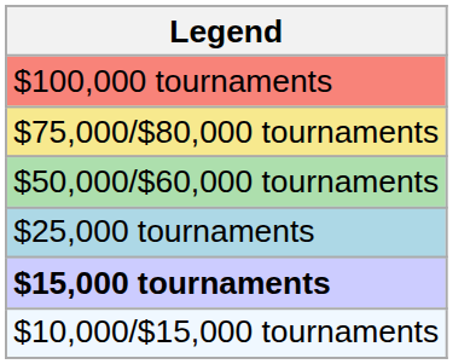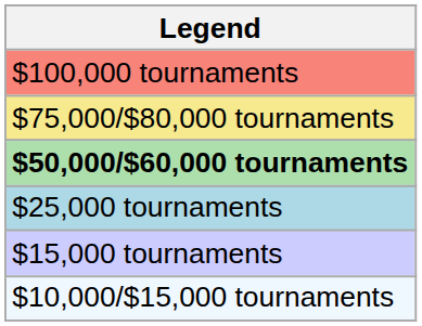 <table class=wikitable style="font-size:85%">
 <tr>
 <th>Legend</th>
 </tr>
 <tr style="background:#f88379;">
 <td>$100,000 tournaments</td>
 </tr>
 <tr style="background:#f7e98e;">
 <td>$75,000/$80,000 tournaments</td>
 </tr>
 <tr style="background:#addfad;">
-<td>$50,000/$60,000 tournaments</td>
+<td><strong>$50,000/$60,000 tournaments</strong></td>
 </tr>
 <tr style="background:lightblue;">
 <td>$25,000 tournaments</td>
 </tr>
 <tr style="background:#ccccff;">
-<td><strong>$15,000 tournaments</strong></td>
+<td>$15,000 tournaments</td>
 </tr>
 <tr style="background:#f0f8ff;">
 <td>$10,000/$15,000 tournaments</td>
 </tr>
 </table>
